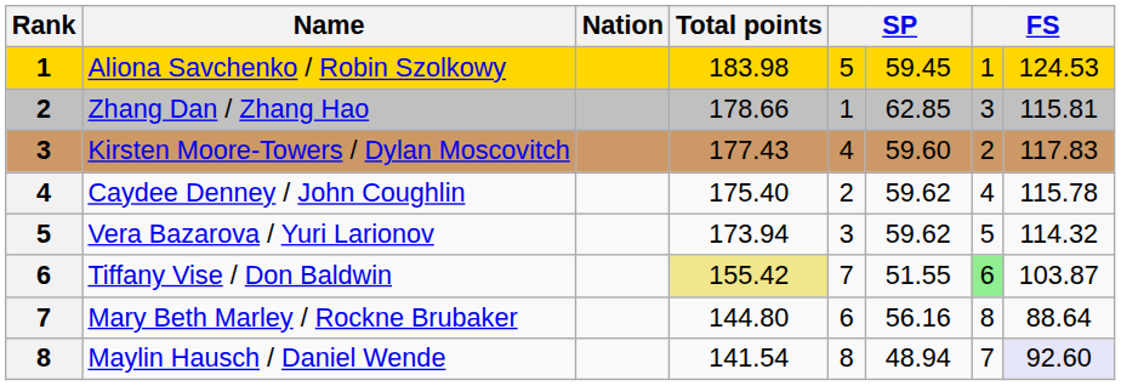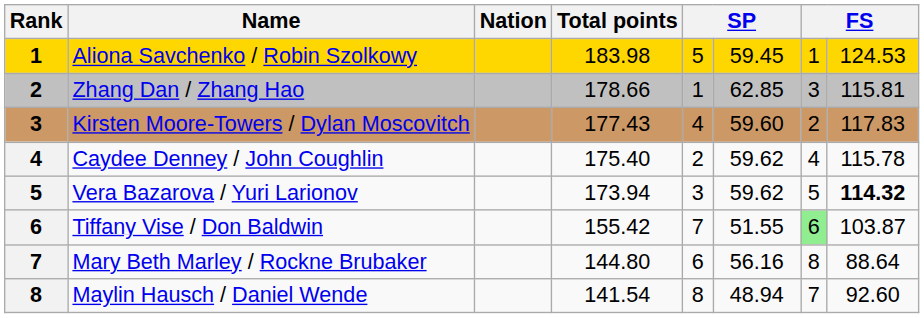 <table class="wikitable sortable">
 <tr>
 <th>Rank</th>
 <th>Name</th>
 <th>Nation</th>
 <th>Total points</th>
 <th colspan="2" width="80px"><a href='#'>SP</a></th>
 <th colspan="2" width="80px"><a href='#'>FS</a></th>
 </tr>
 <tr bgcolor="gold">
 <td align="center"><strong>1</strong></td>
 <td><a href='#'>Aliona Savchenko</a> / <a href='#'>Robin Szolkowy</a></td>
 <td></td>
 <td align="center">183.98</td>
 <td align="center">5</td>
 <td align="center">59.45</td>
 <td align="center">1</td>
 <td align="center">124.53</td>
 </tr>
 <tr bgcolor="silver">
 <td align="center"><strong>2</strong></td>
 <td><a href='#'>Zhang Dan</a> / <a href='#'>Zhang Hao</a></td>
 <td></td>
 <td align="center">178.66</td>
 <td align="center">1</td>
 <td align="center">62.85</td>
 <td align="center">3</td>
 <td align="center">115.81</td>
 </tr>
 <tr bgcolor="cc9966">
 <td align="center"><strong>3</strong></td>
 <td><a href='#'>Kirsten Moore-Towers</a> / <a href='#'>Dylan Moscovitch</a></td>
 <td></td>
 <td align="center">177.43</td>
 <td align="center">4</td>
 <td align="center">59.60</td>
 <td align="center">2</td>
 <td align="center">117.83</td>
 </tr>
 <tr>
 <th>4</th>
 <td><a href='#'>Caydee Denney</a> / <a href='#'>John Coughlin</a></td>
 <td></td>
 <td align="center">175.40</td>
 <td align="center">2</td>
 <td align="center">59.62</td>
 <td align="center">4</td>
 <td align="center">115.78</td>
 </tr>
 <tr>
 <th>5</th>
 <td><a href='#'>Vera Bazarova</a> / <a href='#'>Yuri Larionov</a></td>
 <td></td>
 <td align="center">173.94</td>
 <td align="center">3</td>
 <td align="center">59.62</td>
 <td align="center">5</td>
-<td align="center">114.32</td>
+<td align="center"><strong>114.32</strong></td>
 </tr>
 <tr>
 <th>6</th>
 <td><a href='#'>Tiffany Vise</a> / <a href='#'>Don Baldwin</a></td>
 <td></td>
-<td align="center" style="background: khaki;">155.42</td>
+<td align="center">155.42</td>
 <td align="center">7</td>
 <td align="center">51.55</td>
 <td align="center" style="background: lightgreen;">6</td>
 <td align="center">103.87</td>
 </tr>
 <tr>
 <th>7</th>
 <td><a href='#'>Mary Beth Marley</a> / <a href='#'>Rockne Brubaker</a></td>
 <td></td>
 <td align="center">144.80</td>
 <td align="center">6</td>
 <td align="center">56.16</td>
 <td align="center">8</td>
 <td align="center">88.64</td>
 </tr>
 <tr>
 <th>8</th>
 <td><a href='#'>Maylin Hausch</a> / <a href='#'>Daniel Wende</a></td>
 <td></td>
 <td align="center">141.54</td>
 <td align="center">8</td>
 <td align="center">48.94</td>
 <td align="center">7</td>
-<td align="center" style="background: lavender;">92.60</td>
+<td align="center">92.60</td>
 </tr>
 </table>
